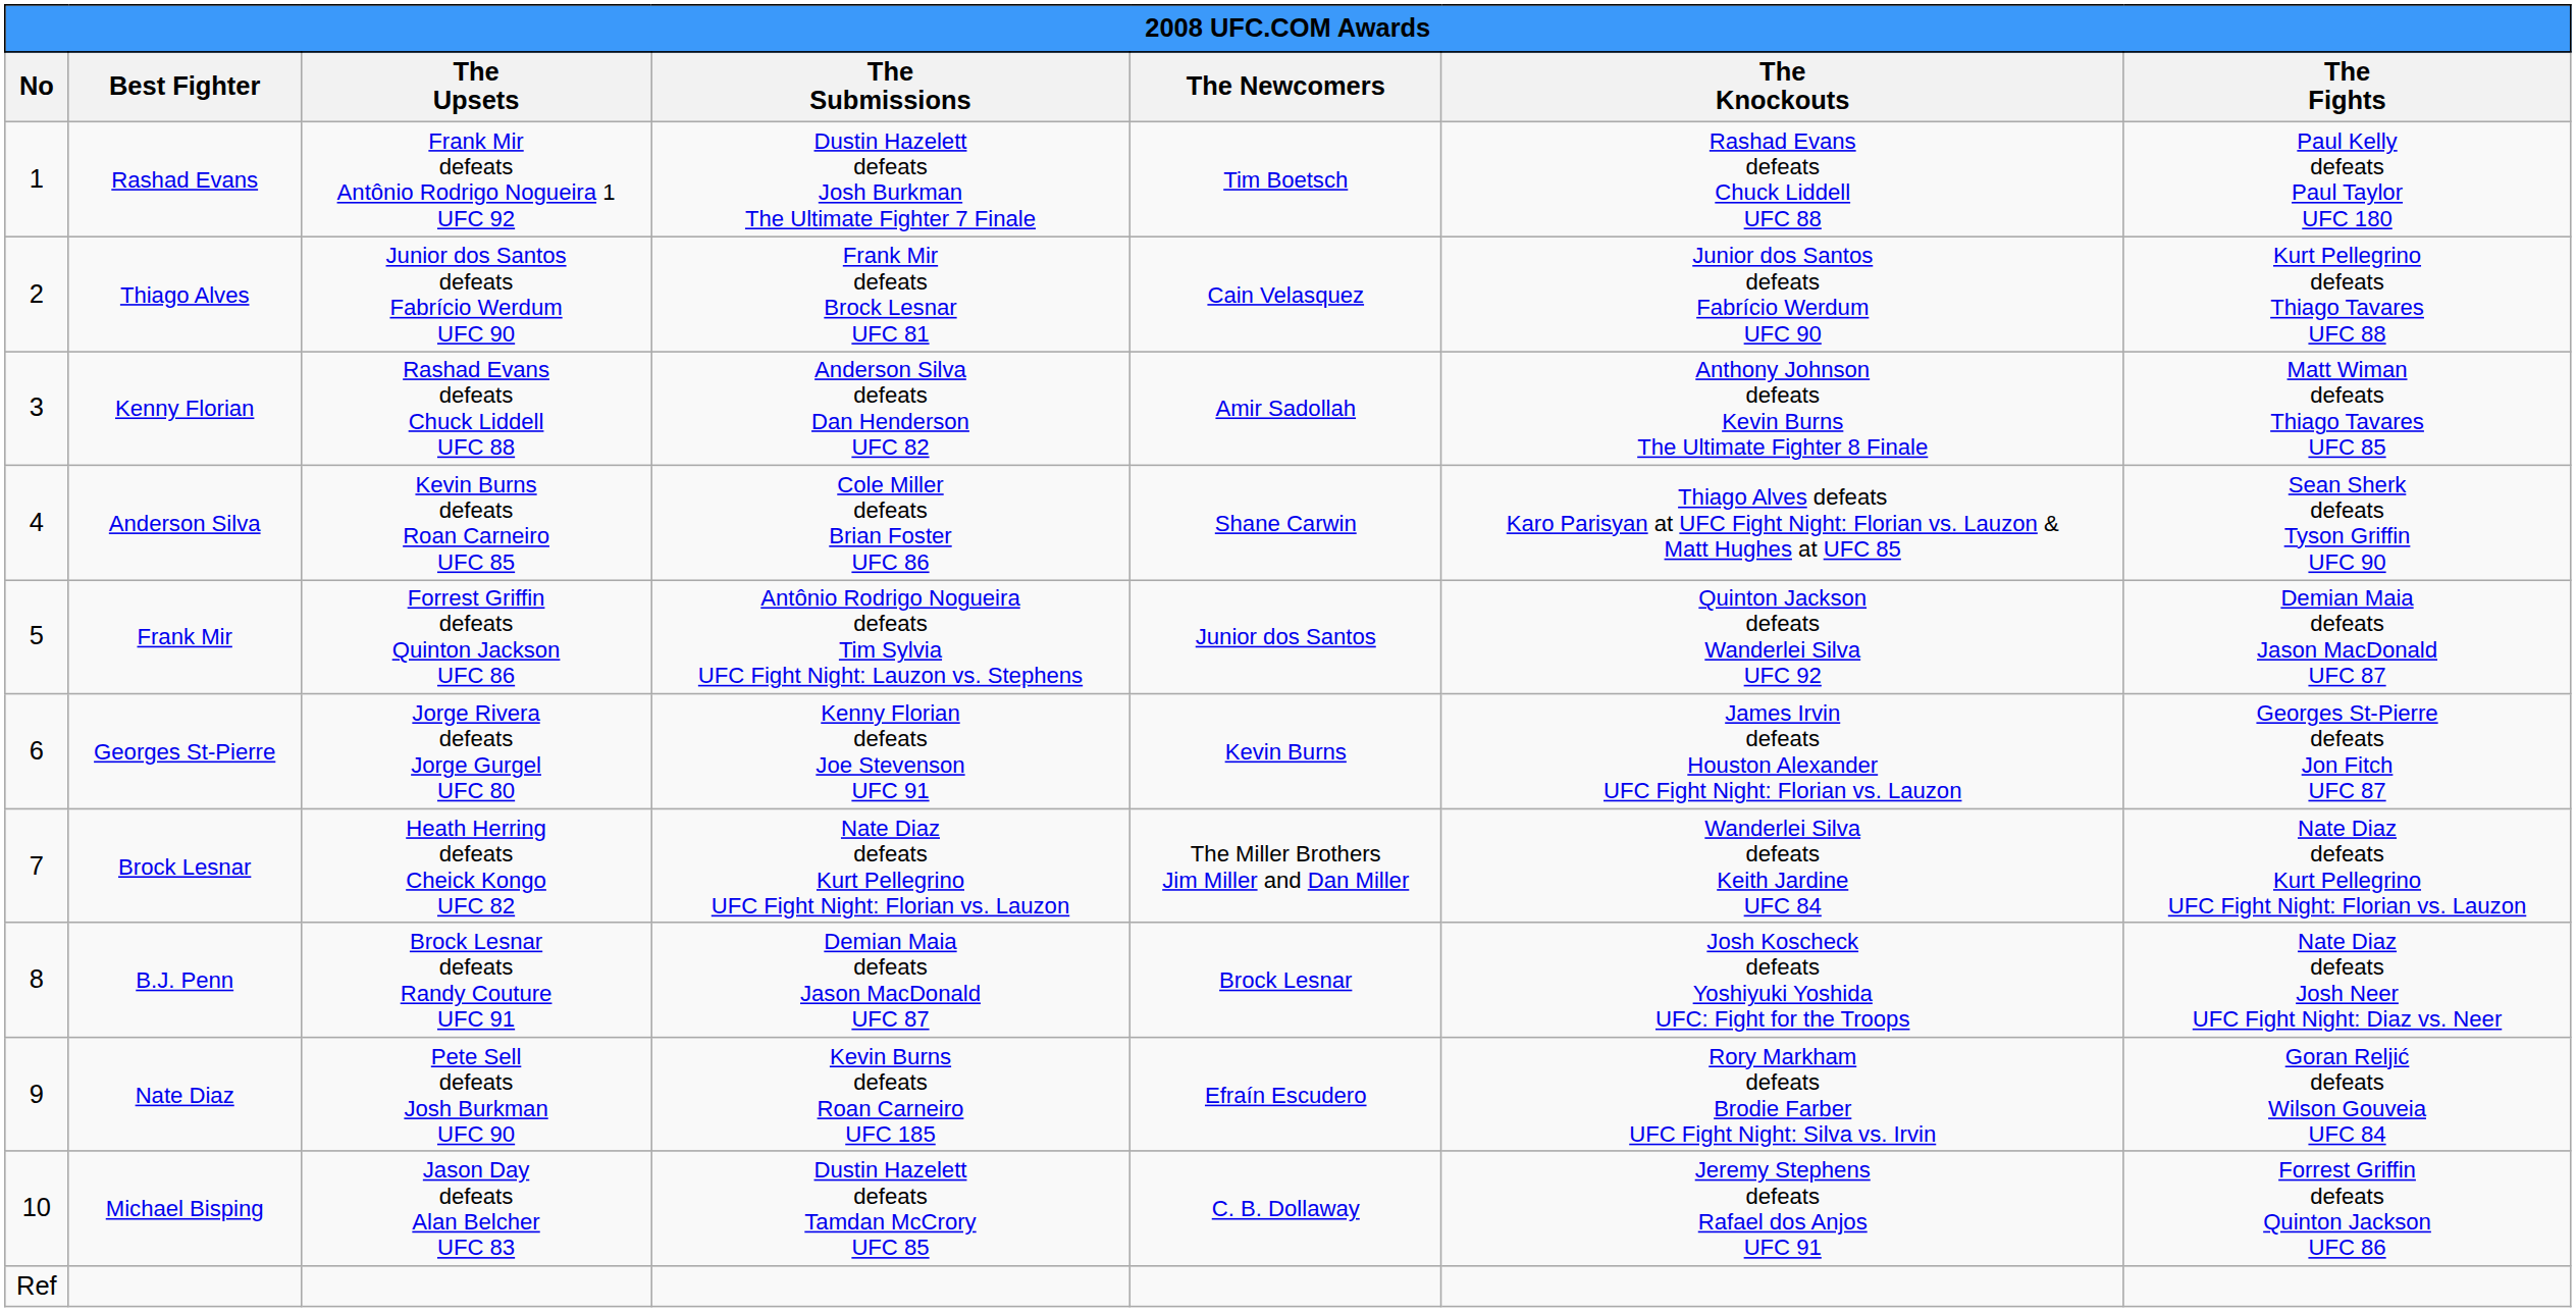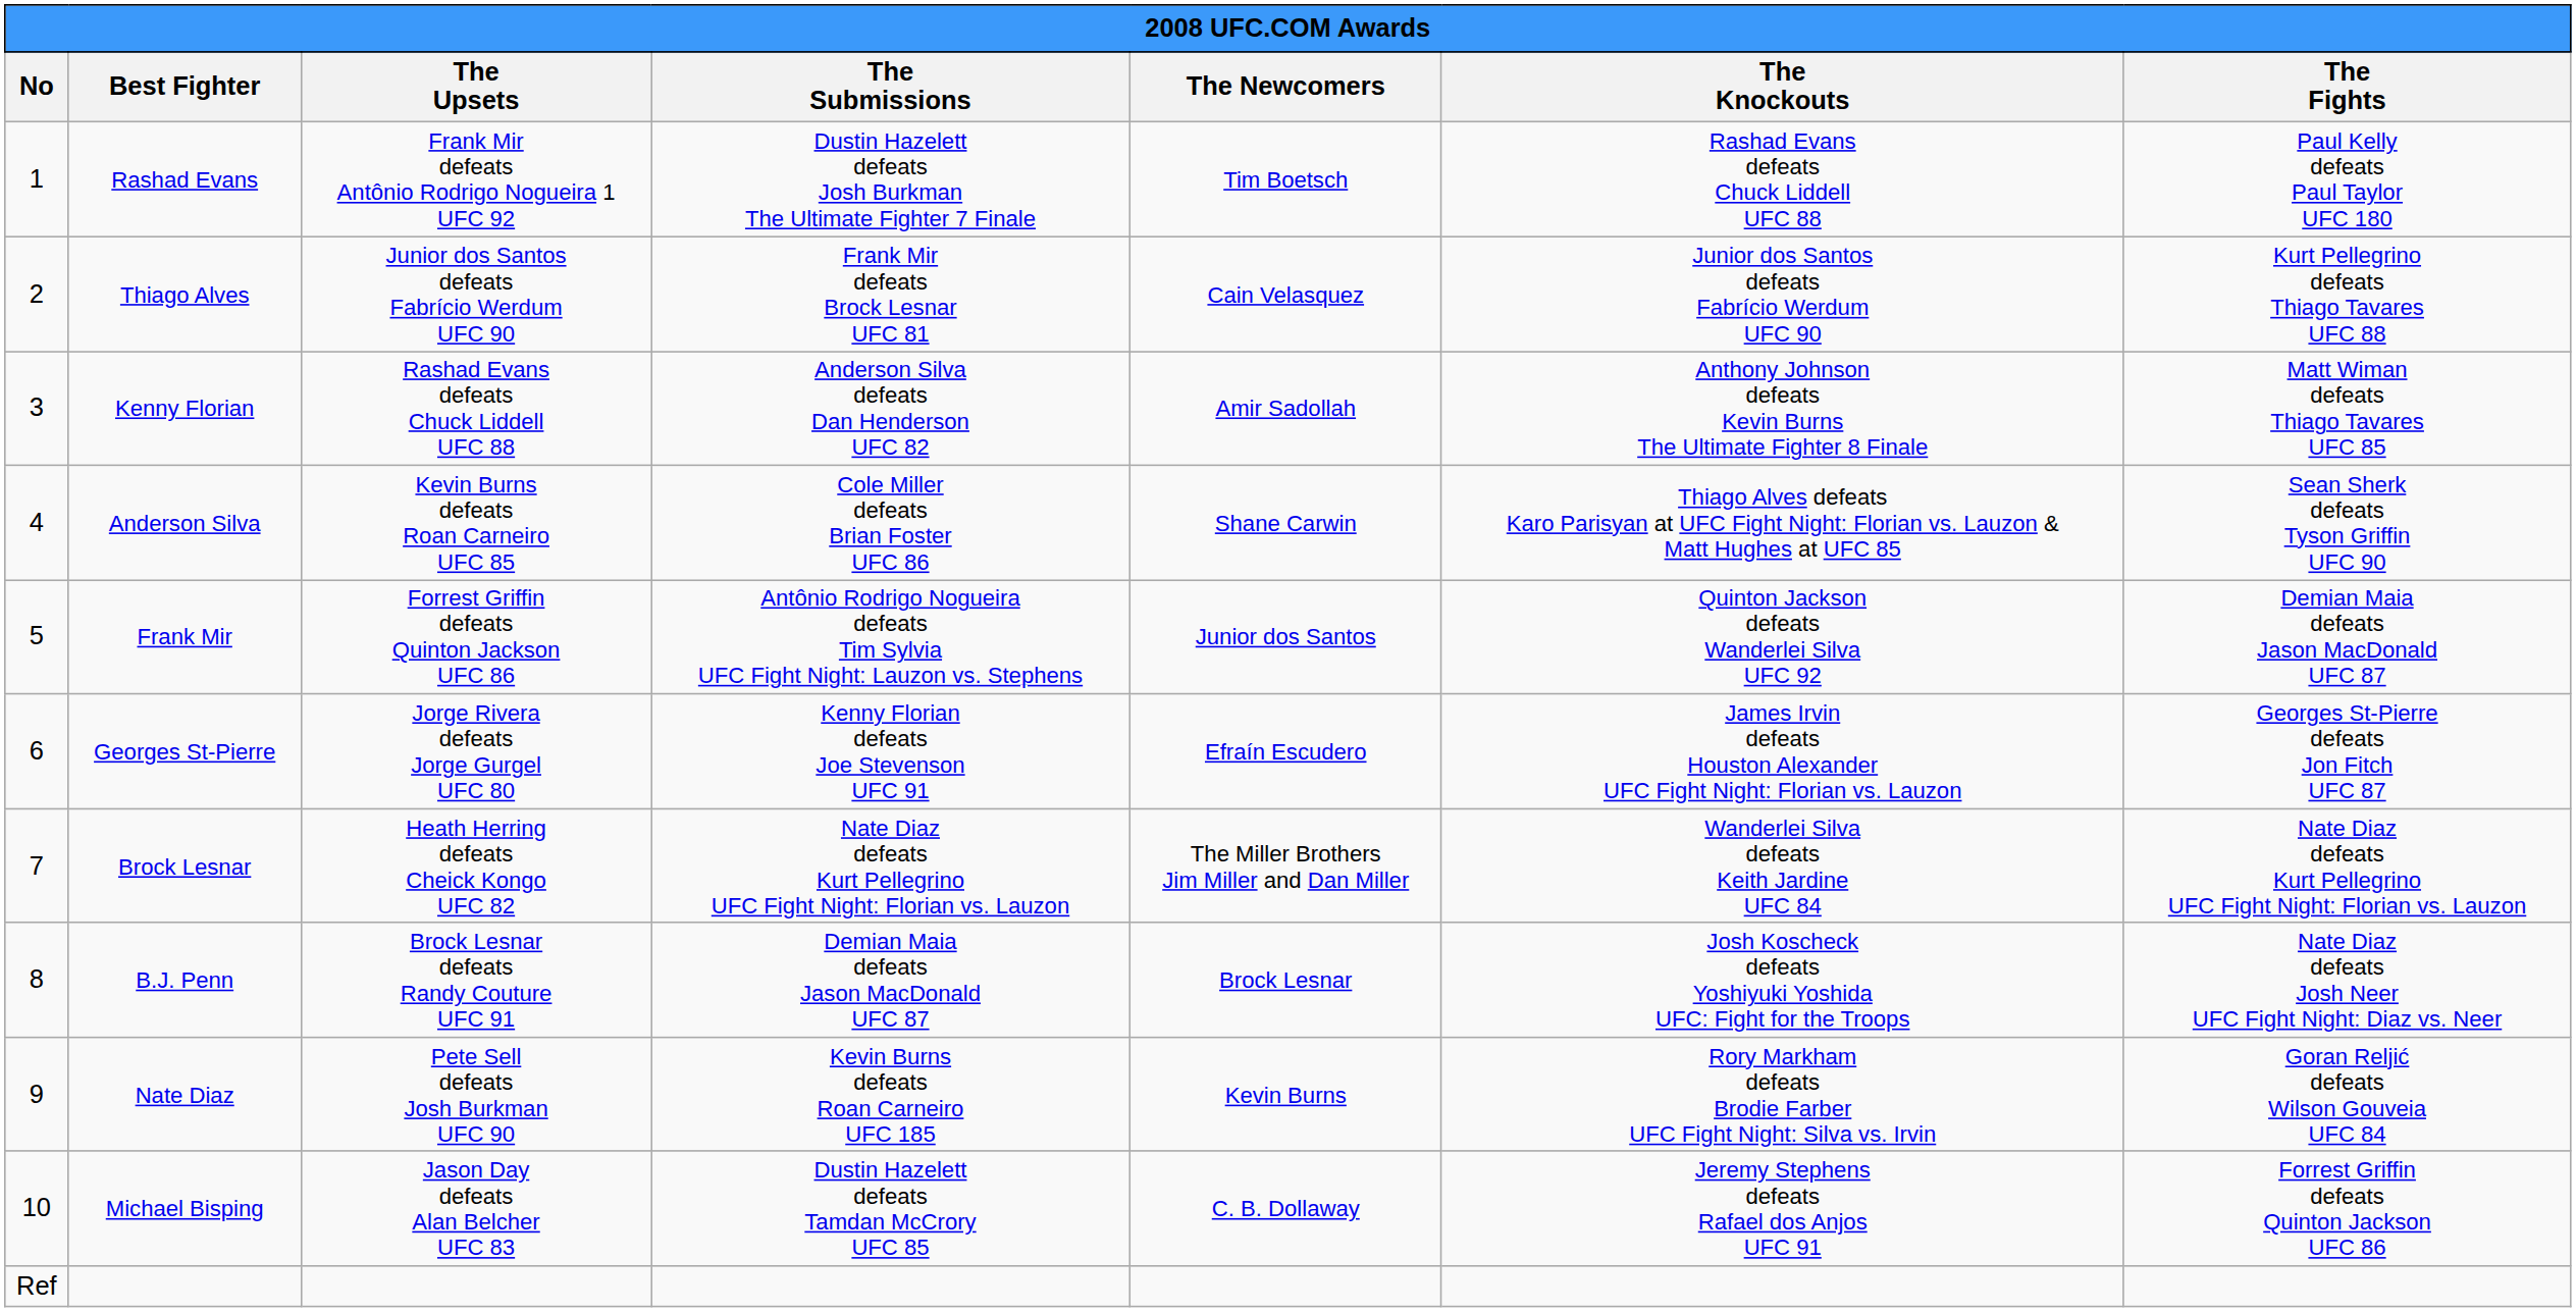 <table class="wikitable" width="100%" style="text-align:Center">
 <tr>
 <th colspan="7" style="border: 1px solid black; padding: 5px; background: #3B99FA;">2008 UFC.COM Awards</th>
 </tr>
 <tr>
 <th>No</th>
 <th>Best Fighter</th>
 <th>The<br>Upsets</th>
 <th>The<br>Submissions</th>
 <th>The Newcomers</th>
 <th>The<br>Knockouts</th>
 <th>The<br>Fights</th>
 </tr>
 <tr>
 <td>1</td>
 <td style="font-size:87%"><a href='#'>Rashad Evans</a></td>
 <td style="font-size:87%"><a href='#'>Frank Mir</a> <br> defeats <br> <a href='#'>Antônio Rodrigo Nogueira</a> 1<br> <a href='#'>UFC 92</a></td>
 <td style="font-size:87%"><a href='#'>Dustin Hazelett</a> <br> defeats <br> <a href='#'>Josh Burkman</a> <br> <a href='#'>The Ultimate Fighter 7 Finale</a></td>
 <td style="font-size:87%"><a href='#'>Tim Boetsch</a></td>
 <td style="font-size:87%"><a href='#'>Rashad Evans</a> <br> defeats <br> <a href='#'>Chuck Liddell</a> <br> <a href='#'>UFC 88</a></td>
 <td style="font-size:87%"><a href='#'>Paul Kelly</a> <br> defeats <br> <a href='#'>Paul Taylor</a> <br> <a href='#'>UFC 180</a></td>
 </tr>
 <tr>
 <td>2</td>
 <td style="font-size:87%"><a href='#'>Thiago Alves</a></td>
 <td style="font-size:87%"><a href='#'>Junior dos Santos</a> <br> defeats  <br> <a href='#'>Fabrício Werdum</a> <br> <a href='#'>UFC 90</a></td>
 <td style="font-size:87%"><a href='#'>Frank Mir</a> <br> defeats <br> <a href='#'>Brock Lesnar</a> <br> <a href='#'>UFC 81</a></td>
 <td style="font-size:87%"><a href='#'>Cain Velasquez</a></td>
 <td style="font-size:87%"><a href='#'>Junior dos Santos</a> <br> defeats <br> <a href='#'>Fabrício Werdum</a> <br> <a href='#'>UFC 90</a></td>
 <td style="font-size:87%"><a href='#'>Kurt Pellegrino</a> <br> defeats <br> <a href='#'>Thiago Tavares</a> <br> <a href='#'>UFC 88</a></td>
 </tr>
 <tr>
 <td>3</td>
 <td style="font-size:87%"><a href='#'>Kenny Florian</a></td>
 <td style="font-size:87%"><a href='#'>Rashad Evans</a> <br> defeats  <br> <a href='#'>Chuck Liddell</a> <br> <a href='#'>UFC 88</a></td>
 <td style="font-size:87%"><a href='#'>Anderson Silva</a> <br> defeats  <br> <a href='#'>Dan Henderson</a> <br> <a href='#'>UFC 82</a></td>
 <td style="font-size:87%"><a href='#'>Amir Sadollah</a></td>
 <td style="font-size:87%"><a href='#'>Anthony Johnson</a> <br> defeats <br> <a href='#'>Kevin Burns</a> <br> <a href='#'>The Ultimate Fighter 8 Finale</a></td>
 <td style="font-size:87%"><a href='#'>Matt Wiman</a> <br> defeats <br> <a href='#'>Thiago Tavares</a> <br> <a href='#'>UFC 85</a></td>
 </tr>
 <tr>
 <td>4</td>
 <td style="font-size:87%"><a href='#'>Anderson Silva</a></td>
 <td style="font-size:87%"><a href='#'>Kevin Burns</a> <br> defeats <br> <a href='#'>Roan Carneiro</a> <br> <a href='#'>UFC 85</a></td>
 <td style="font-size:87%"><a href='#'>Cole Miller</a> <br> defeats <br> <a href='#'>Brian Foster</a> <br> <a href='#'>UFC 86</a></td>
 <td style="font-size:87%"><a href='#'>Shane Carwin</a></td>
 <td style="font-size:87%"><a href='#'>Thiago Alves</a> defeats <br> <a href='#'>Karo Parisyan</a> at <a href='#'>UFC Fight Night: Florian vs. Lauzon</a> & <br> <a href='#'>Matt Hughes</a> at <a href='#'>UFC 85</a></td>
 <td style="font-size:87%"><a href='#'>Sean Sherk</a> <br> defeats <br> <a href='#'>Tyson Griffin</a> <br> <a href='#'>UFC 90</a></td>
 </tr>
 <tr>
 <td>5</td>
 <td style="font-size:87%"><a href='#'>Frank Mir</a></td>
 <td style="font-size:87%"><a href='#'>Forrest Griffin</a> <br> defeats <br> <a href='#'>Quinton Jackson</a> <br> <a href='#'>UFC 86</a></td>
 <td style="font-size:87%"><a href='#'>Antônio Rodrigo Nogueira</a> <br> defeats <br> <a href='#'>Tim Sylvia</a> <br> <a href='#'>UFC Fight Night: Lauzon vs. Stephens</a></td>
 <td style="font-size:87%"><a href='#'>Junior dos Santos</a></td>
 <td style="font-size:87%"><a href='#'>Quinton Jackson</a> <br> defeats <br> <a href='#'>Wanderlei Silva</a> <br> <a href='#'>UFC 92</a></td>
 <td style="font-size:87%"><a href='#'>Demian Maia</a> <br> defeats <br> <a href='#'>Jason MacDonald</a> <br> <a href='#'>UFC 87</a></td>
 </tr>
 <tr>
 <td>6</td>
 <td style="font-size:87%"><a href='#'>Georges St-Pierre</a></td>
 <td style="font-size:87%"><a href='#'>Jorge Rivera</a> <br> defeats <br> <a href='#'>Jorge Gurgel</a> <br> <a href='#'>UFC 80</a></td>
 <td style="font-size:87%"><a href='#'>Kenny Florian</a> <br> defeats <br> <a href='#'>Joe Stevenson</a> <br> <a href='#'>UFC 91</a></td>
-<td style="font-size:87%"><a href='#'>Kevin Burns</a></td>
+<td style="font-size:87%"><a href='#'>Efraín Escudero</a></td>
 <td style="font-size:87%"><a href='#'>James Irvin</a> <br> defeats <br> <a href='#'>Houston Alexander</a> <br> <a href='#'>UFC Fight Night: Florian vs. Lauzon</a></td>
 <td style="font-size:87%"><a href='#'>Georges St-Pierre</a> <br> defeats <br> <a href='#'>Jon Fitch</a> <br> <a href='#'>UFC 87</a></td>
 </tr>
 <tr>
 <td>7</td>
 <td style="font-size:87%"><a href='#'>Brock Lesnar</a></td>
 <td style="font-size:87%"><a href='#'>Heath Herring</a> <br> defeats <br> <a href='#'>Cheick Kongo</a> <br> <a href='#'>UFC 82</a></td>
 <td style="font-size:87%"><a href='#'>Nate Diaz</a> <br> defeats <br> <a href='#'>Kurt Pellegrino</a> <br> <a href='#'>UFC Fight Night: Florian vs. Lauzon</a></td>
 <td style="font-size:87%">The  Miller Brothers <br> <a href='#'>Jim Miller</a> and <a href='#'>Dan Miller</a></td>
 <td style="font-size:87%"><a href='#'>Wanderlei Silva</a> <br> defeats <br> <a href='#'>Keith Jardine</a> <br> <a href='#'>UFC 84</a></td>
 <td style="font-size:87%"><a href='#'>Nate Diaz</a> <br> defeats <br> <a href='#'>Kurt Pellegrino</a> <br> <a href='#'>UFC Fight Night: Florian vs. Lauzon</a></td>
 </tr>
 <tr>
 <td>8</td>
 <td style="font-size:87%"><a href='#'>B.J. Penn</a></td>
 <td style="font-size:87%"><a href='#'>Brock Lesnar</a> <br> defeats <br> <a href='#'>Randy Couture</a> <br> <a href='#'>UFC 91</a></td>
 <td style="font-size:87%"><a href='#'>Demian Maia</a> <br> defeats <br> <a href='#'>Jason MacDonald</a> <br> <a href='#'>UFC 87</a></td>
 <td style="font-size:87%"><a href='#'>Brock Lesnar</a></td>
 <td style="font-size:87%"><a href='#'>Josh Koscheck</a> <br> defeats <br> <a href='#'>Yoshiyuki Yoshida</a> <br> <a href='#'>UFC: Fight for the Troops</a></td>
 <td style="font-size:87%"><a href='#'>Nate Diaz</a> <br> defeats <br> <a href='#'>Josh Neer</a> <br> <a href='#'>UFC Fight Night: Diaz vs. Neer</a></td>
 </tr>
 <tr>
 <td>9</td>
 <td style="font-size:87%"><a href='#'>Nate Diaz</a></td>
 <td style="font-size:87%"><a href='#'>Pete Sell</a> <br> defeats <br>  <a href='#'>Josh Burkman</a> <br> <a href='#'>UFC 90</a></td>
 <td style="font-size:87%"><a href='#'>Kevin Burns</a> <br> defeats <br> <a href='#'>Roan Carneiro</a> <br> <a href='#'>UFC 185</a></td>
-<td style="font-size:87%"><a href='#'>Efraín Escudero</a></td>
+<td style="font-size:87%"><a href='#'>Kevin Burns</a></td>
 <td style="font-size:87%"><a href='#'>Rory Markham</a> <br> defeats <br> <a href='#'>Brodie Farber</a> <br> <a href='#'>UFC Fight Night: Silva vs. Irvin</a></td>
 <td style="font-size:87%"><a href='#'>Goran Reljić</a> <br> defeats <br> <a href='#'>Wilson Gouveia</a> <br> <a href='#'>UFC 84</a></td>
 </tr>
 <tr>
 <td>10</td>
 <td style="font-size:87%"><a href='#'>Michael Bisping</a></td>
 <td style="font-size:87%"><a href='#'>Jason Day</a> <br> defeats <br> <a href='#'>Alan Belcher</a> <br> <a href='#'>UFC 83</a></td>
 <td style="font-size:87%"><a href='#'>Dustin Hazelett</a> <br> defeats <br> <a href='#'>Tamdan McCrory</a> <br> <a href='#'>UFC 85</a></td>
 <td style="font-size:87%"><a href='#'>C. B. Dollaway</a></td>
 <td style="font-size:87%"><a href='#'>Jeremy Stephens</a><br> defeats <br> <a href='#'>Rafael dos Anjos</a> <br> <a href='#'>UFC 91</a></td>
 <td style="font-size:87%"><a href='#'>Forrest Griffin</a> <br> defeats <br> <a href='#'>Quinton Jackson</a> <br> <a href='#'>UFC 86</a></td>
 </tr>
 <tr>
 <td>Ref</td>
 <td></td>
 <td></td>
 <td></td>
 <td></td>
 <td></td>
 <td></td>
 </tr>
 </table>
